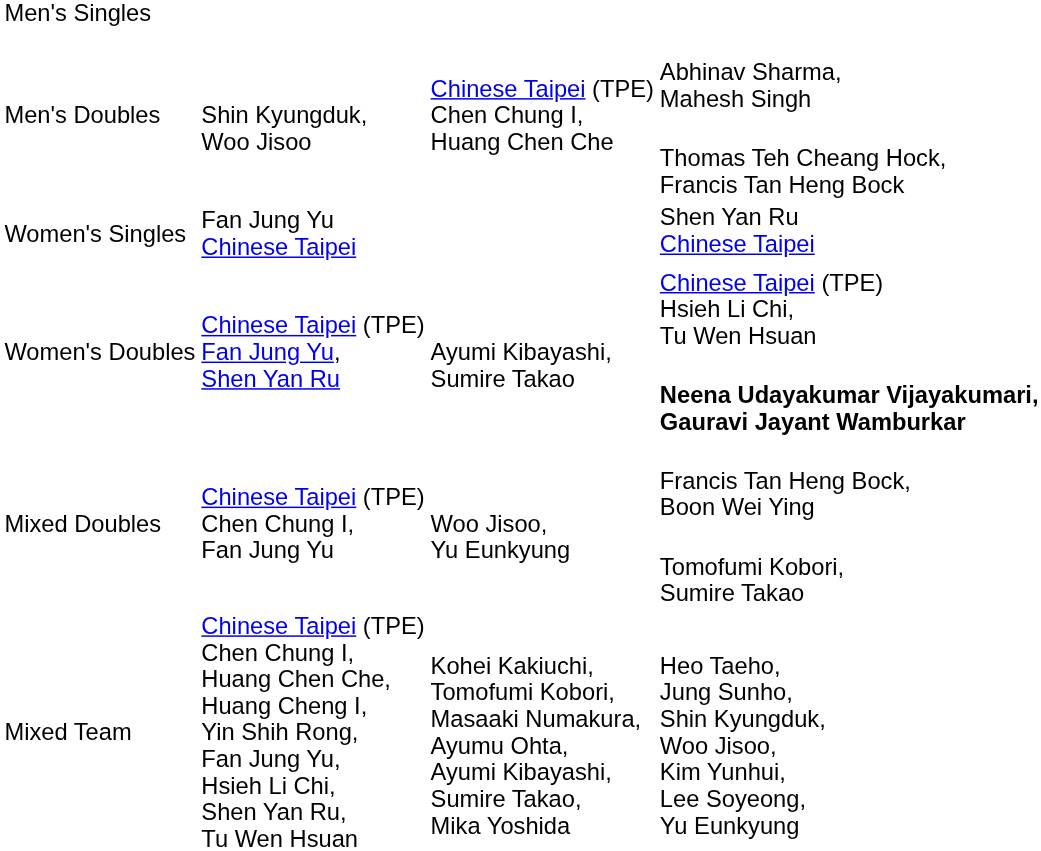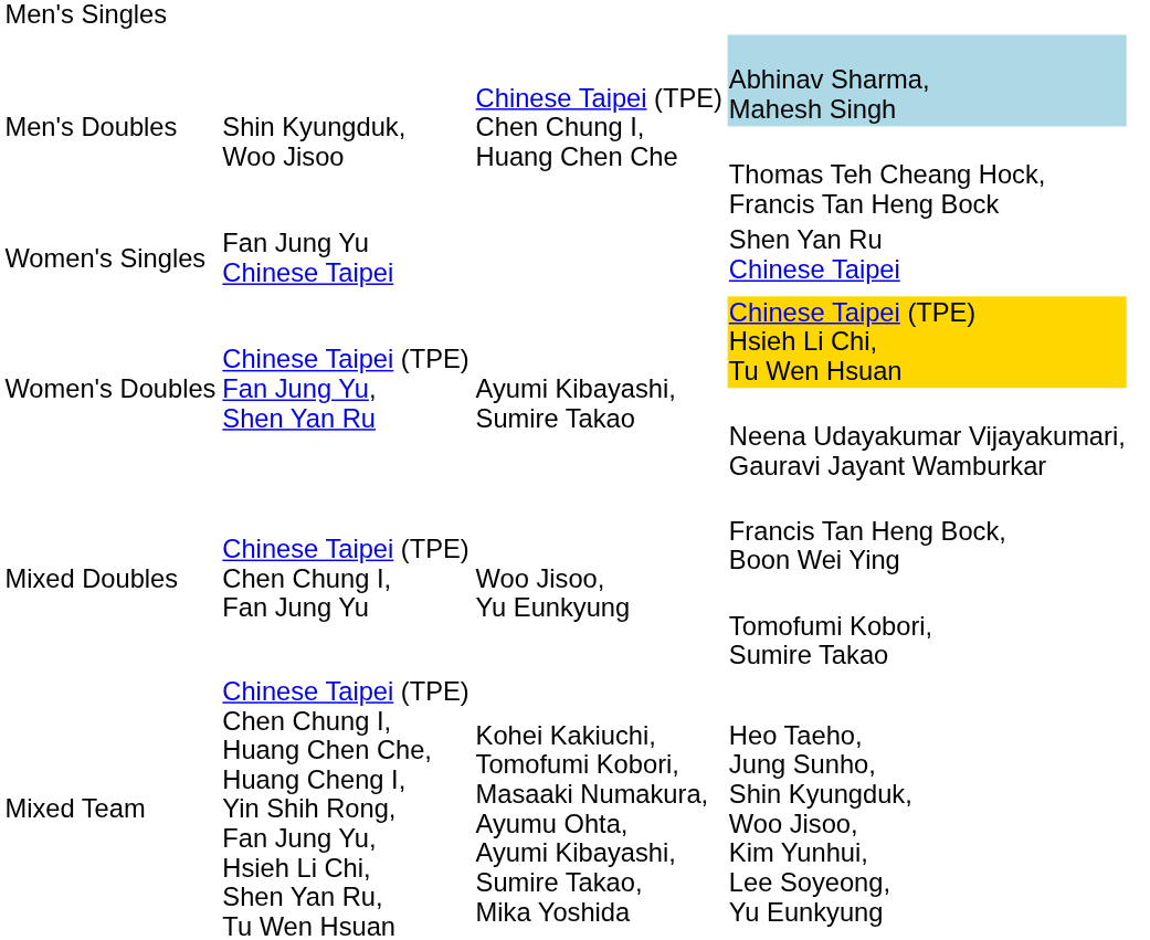 <table>
 <tr>
 <td rowspan=2>Men's Singles</td>
 <td rowspan=2></td>
 <td rowspan=2></td>
 <td></td>
 </tr>
 <tr>
 <td></td>
 </tr>
 <tr>
 <td rowspan=2>Men's Doubles</td>
 <td rowspan=2><br>Shin Kyungduk,<br>Woo Jisoo</td>
 <td rowspan=2> <a href='#'>Chinese Taipei</a> <span>(TPE)</span><br>Chen Chung I,<br>Huang Chen Che</td>
-<td><br>Abhinav Sharma,<br>Mahesh Singh</td>
+<td style="background: lightblue;"><br>Abhinav Sharma,<br>Mahesh Singh</td>
 </tr>
 <tr>
 <td><br>Thomas Teh Cheang Hock,<br>Francis Tan Heng Bock</td>
 </tr>
 <tr>
 <td rowspan=2>Women's Singles</td>
 <td rowspan=2>Fan Jung Yu<br> <a href='#'>Chinese Taipei</a></td>
 <td rowspan=2></td>
 <td>Shen Yan Ru<br> <a href='#'>Chinese Taipei</a></td>
 </tr>
 <tr>
 <td></td>
 </tr>
 <tr>
 <td rowspan=2>Women's Doubles</td>
 <td rowspan=2> <a href='#'>Chinese Taipei</a> <span>(TPE)</span><br><a href='#'>Fan Jung Yu</a>,<br><a href='#'>Shen Yan Ru</a></td>
 <td rowspan=2><br>Ayumi Kibayashi,<br>Sumire Takao</td>
-<td> <a href='#'>Chinese Taipei</a> <span>(TPE)</span><br>Hsieh Li Chi,<br>Tu Wen Hsuan</td>
+<td style="background: gold;"> <a href='#'>Chinese Taipei</a> <span>(TPE)</span><br>Hsieh Li Chi,<br>Tu Wen Hsuan</td>
 </tr>
 <tr>
-<td><strong><br>Neena Udayakumar Vijayakumari,<br>Gauravi Jayant Wamburkar</strong></td>
+<td><br>Neena Udayakumar Vijayakumari,<br>Gauravi Jayant Wamburkar</td>
 </tr>
 <tr>
 <td rowspan=2>Mixed Doubles</td>
 <td rowspan=2> <a href='#'>Chinese Taipei</a> <span>(TPE)</span><br>Chen Chung I,<br>Fan Jung Yu</td>
 <td rowspan=2><br>Woo Jisoo,<br>Yu Eunkyung</td>
 <td><br>Francis Tan Heng Bock,<br>Boon Wei Ying</td>
 </tr>
 <tr>
 <td><br>Tomofumi Kobori,<br>Sumire Takao</td>
 </tr>
 <tr>
 <td>Mixed Team</td>
 <td> <a href='#'>Chinese Taipei</a> <span>(TPE)</span><br>Chen Chung I,<br>Huang Chen Che,<br>Huang Cheng I,<br>Yin Shih Rong,<br>Fan Jung Yu,<br>Hsieh Li Chi,<br>Shen Yan Ru,<br>Tu Wen Hsuan</td>
 <td><br>Kohei Kakiuchi,<br>Tomofumi Kobori,<br>Masaaki Numakura,<br>Ayumu Ohta,<br>Ayumi Kibayashi,<br>Sumire Takao,<br>Mika Yoshida</td>
 <td><br>Heo Taeho,<br>Jung Sunho,<br>Shin Kyungduk,<br>Woo Jisoo,<br>Kim Yunhui,<br>Lee Soyeong,<br>Yu Eunkyung</td>
 </tr>
 </table>
